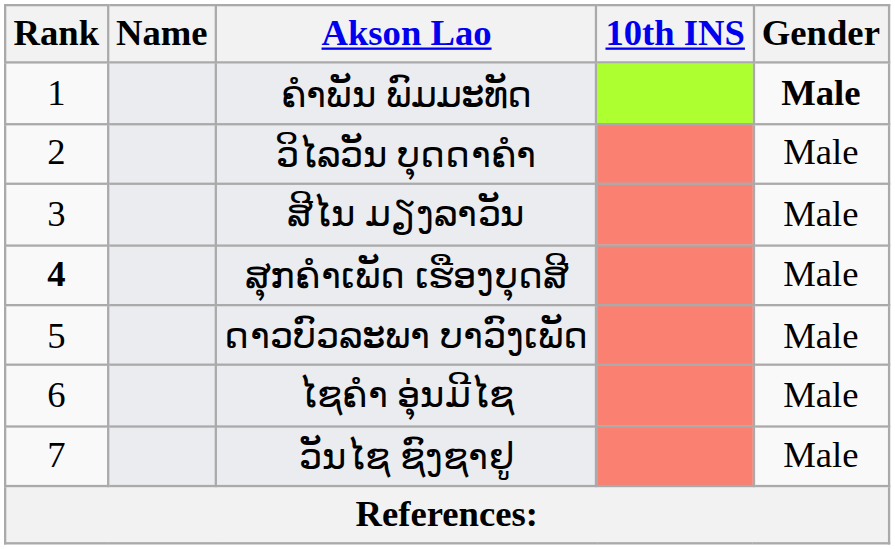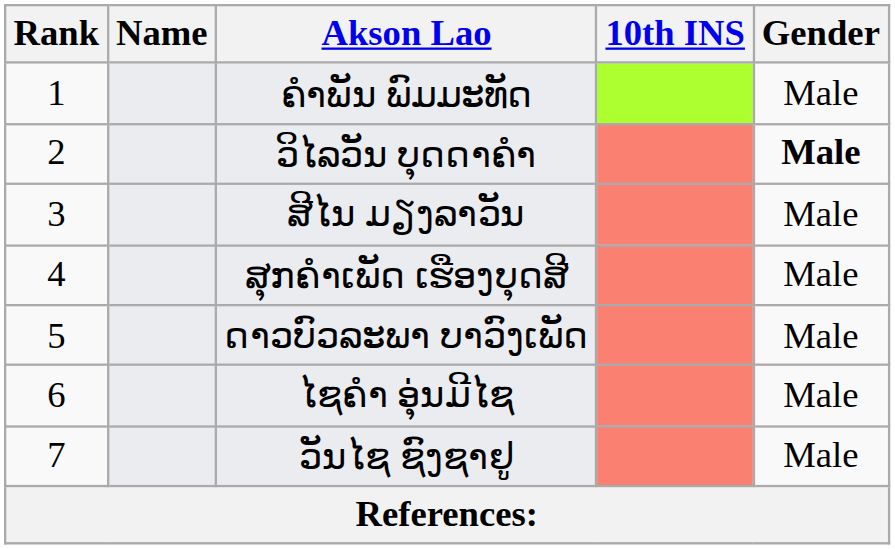 <table class="wikitable sortable" style=text-align:center>
 <tr>
 <th>Rank</th>
 <th>Name</th>
 <th class="unsortable"><a href='#'>Akson Lao</a></th>
 <th unsortable><a href='#'>10th INS</a></th>
 <th>Gender</th>
 </tr>
 <tr>
 <td>1</td>
 <td bgcolor = #EAECF0></td>
 <td bgcolor = #EAECF0>ຄໍາພັນ ພົມມະທັດ</td>
 <td bgcolor = GreenYellow></td>
-<td><strong>Male</strong></td>
+<td>Male</td>
 </tr>
 <tr>
 <td>2</td>
 <td bgcolor = #EAECF0></td>
 <td bgcolor = #EAECF0>ວິໄລວັນ ບຸດດາຄໍາ</td>
 <td bgcolor = Salmon></td>
-<td>Male</td>
+<td><strong>Male</strong></td>
 </tr>
 <tr>
 <td>3</td>
 <td bgcolor = #EAECF0></td>
 <td bgcolor = #EAECF0>ສີໄນ ມຽງລາວັນ</td>
 <td bgcolor = Salmon></td>
 <td>Male</td>
 </tr>
 <tr>
-<td><strong>4</strong></td>
+<td>4</td>
 <td bgcolor = #EAECF0></td>
 <td bgcolor = #EAECF0>ສຸກຄໍາເພັດ ເຮືອງບຸດສີ</td>
 <td bgcolor = Salmon></td>
 <td>Male</td>
 </tr>
 <tr>
 <td>5</td>
 <td bgcolor = #EAECF0></td>
 <td bgcolor = #EAECF0>ດາວບົວລະພາ ບາວົງເພັດ</td>
 <td bgcolor = Salmon></td>
 <td>Male</td>
 </tr>
 <tr>
 <td>6</td>
 <td bgcolor = #EAECF0></td>
 <td bgcolor = #EAECF0>ໄຊຄໍາ ອຸ່ນມີໄຊ</td>
 <td bgcolor = Salmon></td>
 <td>Male</td>
 </tr>
 <tr>
 <td>7</td>
 <td bgcolor = #EAECF0></td>
 <td bgcolor = #EAECF0>ວັນໄຊ ຊົງຊາຢູ</td>
 <td bgcolor = Salmon></td>
 <td>Male</td>
 </tr>
 <tr class=sortbottom>
 <th colspan = "23" align = left><strong>References:</strong><br></th>
 </tr>
 </table>
